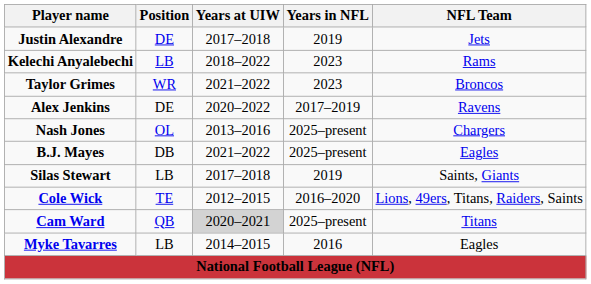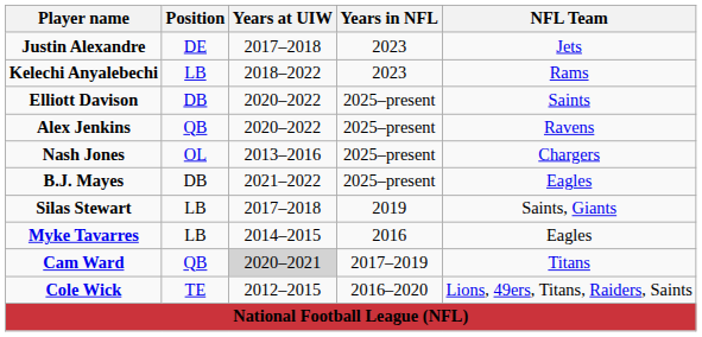 <table class="wikitable" style="text-align:center;">
 <tr>
 <th>Player name</th>
 <th>Position</th>
 <th>Years at UIW</th>
 <th>Years in NFL</th>
 <th>NFL Team</th>
 </tr>
 <tr align="center">
 <td><strong>Justin Alexandre</strong></td>
 <td><a href='#'>DE</a></td>
 <td>2017–2018</td>
-<td>2019</td>
+<td>2023</td>
 <td><a href='#'>Jets</a></td>
 </tr>
 <tr align="center">
 <td><strong>Kelechi Anyalebechi</strong></td>
 <td><a href='#'>LB</a></td>
 <td>2018–2022</td>
 <td>2023</td>
 <td><a href='#'>Rams</a></td>
 </tr>
 <tr align="center">
-<td><strong>Taylor Grimes</strong></td>
-<td><a href='#'>WR</a></td>
-<td>2021–2022</td>
-<td>2023</td>
-<td><a href='#'>Broncos</a></td>
+<td><strong>Elliott Davison</strong></td>
+<td><a href='#'>DB</a></td>
+<td>2020–2022</td>
+<td>2025–present</td>
+<td><a href='#'>Saints</a></td>
 </tr>
 <tr align="center">
 <td><strong>Alex Jenkins</strong></td>
-<td>DE</td>
+<td><a href='#'>QB</a></td>
 <td>2020–2022</td>
-<td>2017–2019</td>
+<td>2025–present</td>
 <td><a href='#'>Ravens</a></td>
 </tr>
 <tr align="center">
 <td><strong>Nash Jones</strong></td>
 <td><a href='#'>OL</a></td>
 <td>2013–2016</td>
 <td>2025–present</td>
 <td><a href='#'>Chargers</a></td>
 </tr>
 <tr align="center">
 <td><strong>B.J. Mayes</strong></td>
 <td>DB</td>
 <td>2021–2022</td>
 <td>2025–present</td>
 <td><a href='#'>Eagles</a></td>
 </tr>
 <tr align="center">
 <td><strong>Silas Stewart</strong></td>
 <td>LB</td>
 <td>2017–2018</td>
 <td>2019</td>
 <td>Saints, <a href='#'>Giants</a></td>
 </tr>
 <tr align="center">
+<td><strong><a href='#'>Myke Tavarres</a></strong></td>
+<td>LB</td>
+<td>2014–2015</td>
+<td>2016</td>
+<td>Eagles</td>
+</tr>
+<tr align="center">
+<td><strong><a href='#'>Cam Ward</a></strong></td>
+<td><a href='#'>QB</a></td>
+<td style="background: lightgrey;">2020–2021</td>
+<td>2017–2019</td>
+<td><a href='#'>Titans</a></td>
+</tr>
+<tr align="center">
 <td><strong><a href='#'>Cole Wick</a></strong></td>
 <td><a href='#'>TE</a></td>
 <td>2012–2015</td>
 <td>2016–2020</td>
 <td><a href='#'>Lions</a>, <a href='#'>49ers</a>, Titans, <a href='#'>Raiders</a>, Saints</td>
 </tr>
 <tr align="center">
-<td><strong><a href='#'>Cam Ward</a></strong></td>
-<td><a href='#'>QB</a></td>
-<td style="background: lightgrey;">2020–2021</td>
-<td>2025–present</td>
-<td><a href='#'>Titans</a></td>
-</tr>
-<tr align="center">
-<td><strong><a href='#'>Myke Tavarres</a></strong></td>
-<td>LB</td>
-<td>2014–2015</td>
-<td>2016</td>
-<td>Eagles</td>
-</tr>
-<tr align="center">
 <td colspan=5 bgcolor="CB333B"><span><strong>National Football League (NFL)</strong></span></td>
 </tr>
 </table>
